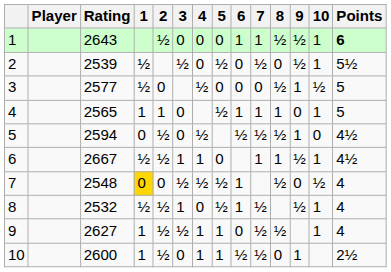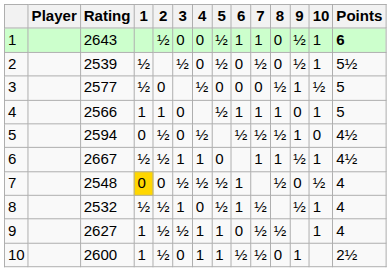 <table class=wikitable>
 <tr>
 <th></th>
 <th>Player</th>
 <th>Rating</th>
 <th>1</th>
 <th>2</th>
 <th>3</th>
 <th>4</th>
 <th>5</th>
 <th>6</th>
 <th>7</th>
 <th>8</th>
 <th>9</th>
 <th>10</th>
 <th>Points</th>
 </tr>
 <tr style="background:#ccffcc">
 <td>1</td>
 <td><strong></strong></td>
 <td>2643</td>
 <td></td>
 <td>½</td>
 <td>0</td>
 <td>0</td>
-<td>0</td>
+<td>½</td>
 <td>1</td>
 <td>1</td>
-<td>½</td>
+<td>0</td>
 <td>½</td>
 <td>1</td>
 <td><strong>6</strong></td>
 </tr>
 <tr>
 <td>2</td>
 <td></td>
 <td>2539</td>
 <td>½</td>
 <td></td>
 <td>½</td>
 <td>0</td>
 <td>½</td>
 <td>0</td>
 <td>½</td>
 <td>0</td>
 <td>½</td>
 <td>1</td>
 <td>5½</td>
 </tr>
 <tr>
 <td>3</td>
 <td></td>
 <td>2577</td>
 <td>½</td>
 <td>0</td>
 <td></td>
 <td>½</td>
 <td>0</td>
 <td>0</td>
 <td>0</td>
 <td>½</td>
 <td>1</td>
 <td>½</td>
 <td>5</td>
 </tr>
 <tr>
 <td>4</td>
 <td></td>
-<td>2565</td>
+<td>2566</td>
 <td>1</td>
 <td>1</td>
 <td>0</td>
 <td></td>
 <td>½</td>
 <td>1</td>
 <td>1</td>
 <td>1</td>
 <td>0</td>
 <td>1</td>
 <td>5</td>
 </tr>
 <tr>
 <td>5</td>
 <td></td>
 <td>2594</td>
 <td>0</td>
 <td>½</td>
 <td>0</td>
 <td>½</td>
 <td></td>
 <td>½</td>
 <td>½</td>
 <td>½</td>
 <td>1</td>
 <td>0</td>
 <td>4½</td>
 </tr>
 <tr>
 <td>6</td>
 <td></td>
 <td>2667</td>
 <td>½</td>
 <td>½</td>
 <td>1</td>
 <td>1</td>
 <td>0</td>
 <td></td>
 <td>1</td>
 <td>1</td>
 <td>½</td>
 <td>1</td>
 <td>4½</td>
 </tr>
 <tr>
 <td>7</td>
 <td></td>
 <td>2548</td>
 <td style="background: gold;">0</td>
 <td>0</td>
 <td>½</td>
 <td>½</td>
 <td>½</td>
 <td>1</td>
 <td></td>
 <td>½</td>
 <td>0</td>
 <td>½</td>
 <td>4</td>
 </tr>
 <tr>
 <td>8</td>
 <td></td>
 <td>2532</td>
 <td>½</td>
 <td>½</td>
 <td>1</td>
 <td>0</td>
 <td>½</td>
 <td>1</td>
 <td>½</td>
 <td></td>
 <td>½</td>
 <td>1</td>
 <td>4</td>
 </tr>
 <tr>
 <td>9</td>
 <td></td>
 <td>2627</td>
 <td>1</td>
 <td>½</td>
 <td>½</td>
 <td>1</td>
 <td>1</td>
 <td>0</td>
 <td>½</td>
 <td>½</td>
 <td></td>
 <td>1</td>
 <td>4</td>
 </tr>
 <tr>
 <td>10</td>
 <td></td>
 <td>2600</td>
 <td>1</td>
 <td>½</td>
 <td>0</td>
 <td>1</td>
 <td>1</td>
 <td>½</td>
 <td>½</td>
 <td>0</td>
 <td>1</td>
 <td></td>
 <td>2½</td>
 </tr>
 </table>
